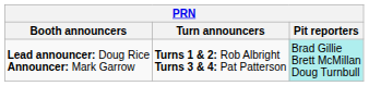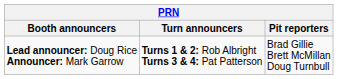 <table class="wikitable" style="font-size: 95%">
 <tr>
 <th colspan="3"><a href='#'>PRN</a></th>
 </tr>
 <tr>
 <th>Booth announcers</th>
 <th>Turn announcers</th>
 <th>Pit reporters</th>
 </tr>
 <tr>
 <td><strong>Lead announcer:</strong> Doug Rice<br><strong>Announcer:</strong> Mark Garrow<br></td>
 <td><strong>Turns 1 & 2:</strong> Rob Albright<br><strong>Turns 3 & 4:</strong> Pat Patterson</td>
-<td style="background: paleturquoise;">Brad Gillie<br>Brett McMillan<br>Doug Turnbull</td>
+<td>Brad Gillie<br>Brett McMillan<br>Doug Turnbull</td>
 </tr>
 </table>
